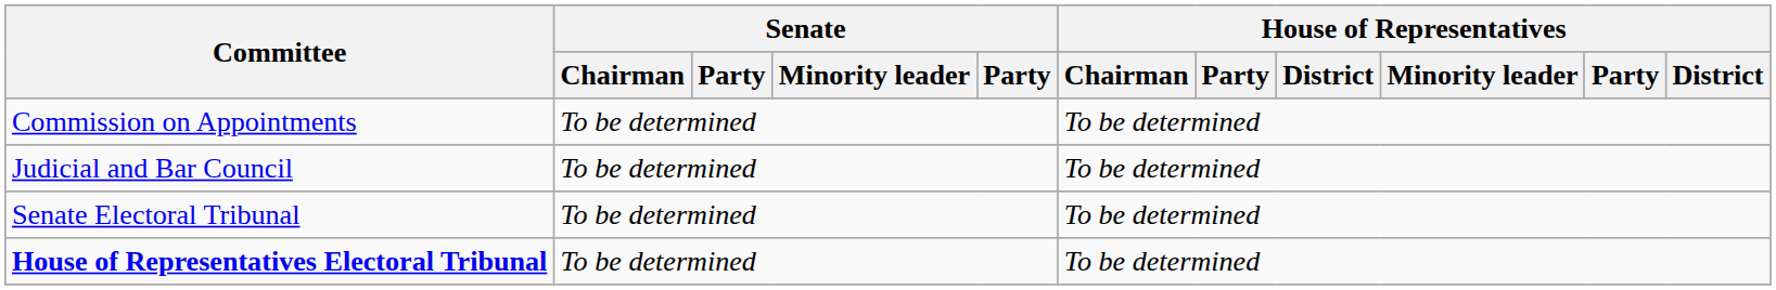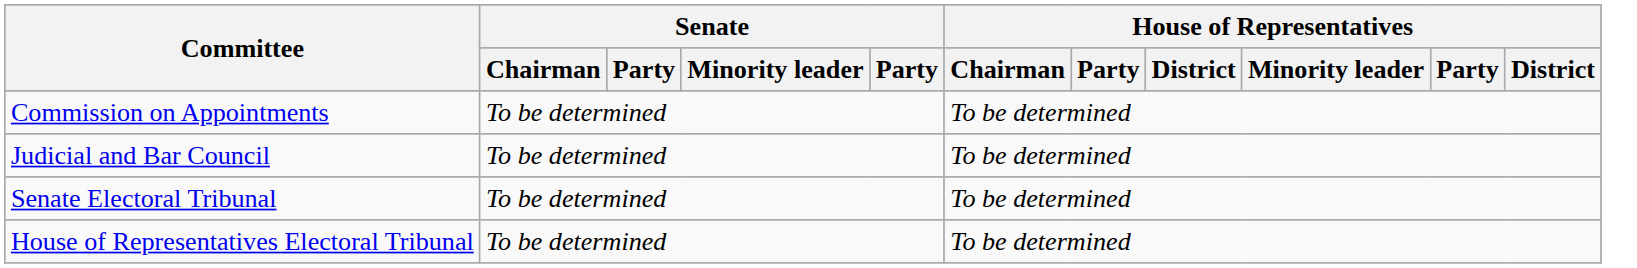 <table class=wikitable style="font-size:95%;">
 <tr>
 <th rowspan=2>Committee</th>
 <th colspan="4">Senate</th>
 <th colspan="7">House of Representatives</th>
 </tr>
 <tr>
 <th>Chairman</th>
 <th>Party</th>
 <th>Minority leader</th>
 <th>Party</th>
 <th>Chairman</th>
 <th>Party</th>
 <th>District</th>
 <th colspan=2>Minority leader</th>
 <th>Party</th>
 <th>District</th>
 </tr>
 <tr>
 <td><a href='#'>Commission on Appointments</a></td>
 <td colspan="4"><em>To be determined</em></td>
 <td colspan="7"><em>To be determined</em></td>
 </tr>
 <tr>
 <td><a href='#'>Judicial and Bar Council</a></td>
 <td colspan="4"><em>To be determined</em></td>
 <td colspan="7"><em>To be determined</em></td>
 </tr>
 <tr>
 <td><a href='#'>Senate Electoral Tribunal</a></td>
 <td colspan="4"><em>To be determined</em></td>
 <td colspan="7"><em>To be determined</em></td>
 </tr>
 <tr>
-<td><strong><a href='#'>House of Representatives Electoral Tribunal</a></strong></td>
+<td><a href='#'>House of Representatives Electoral Tribunal</a></td>
 <td colspan="4"><em>To be determined</em></td>
 <td colspan="7"><em>To be determined</em></td>
 </tr>
 </table>
